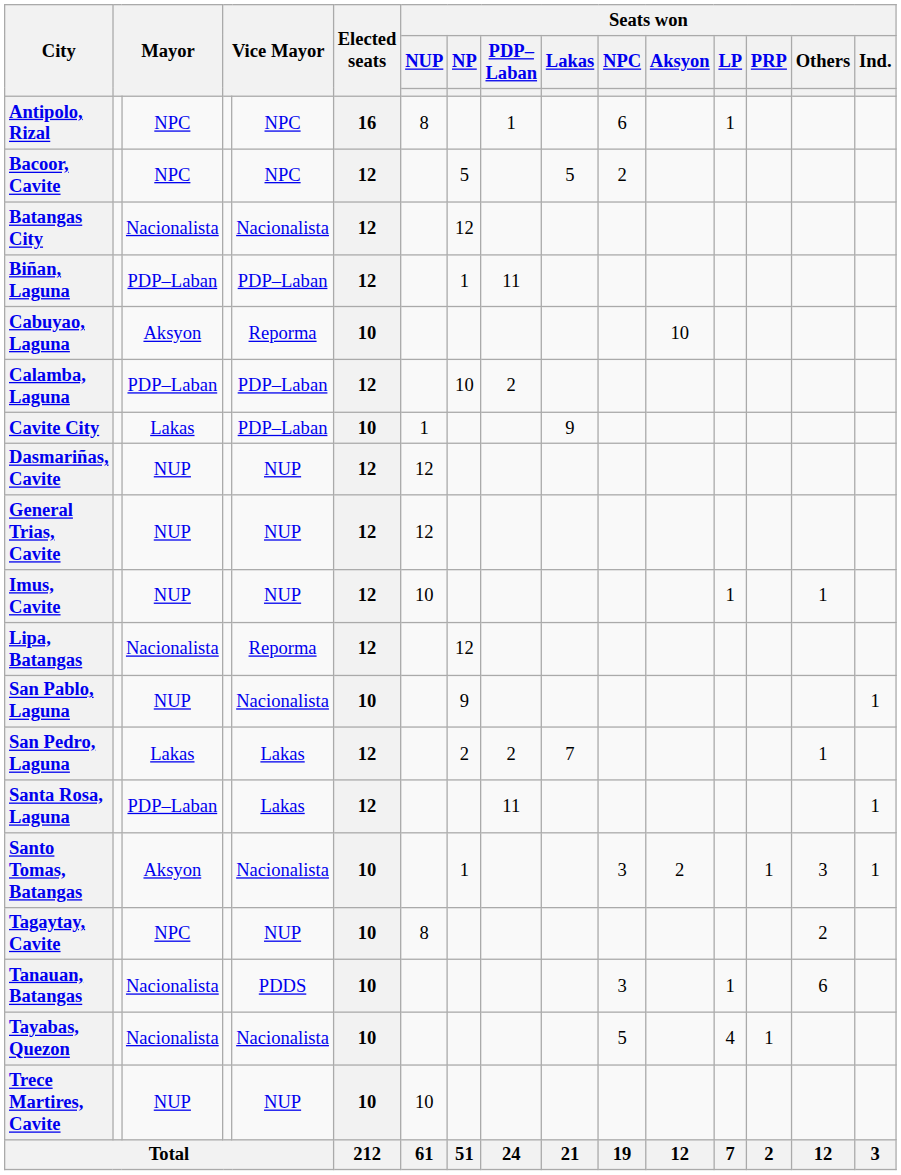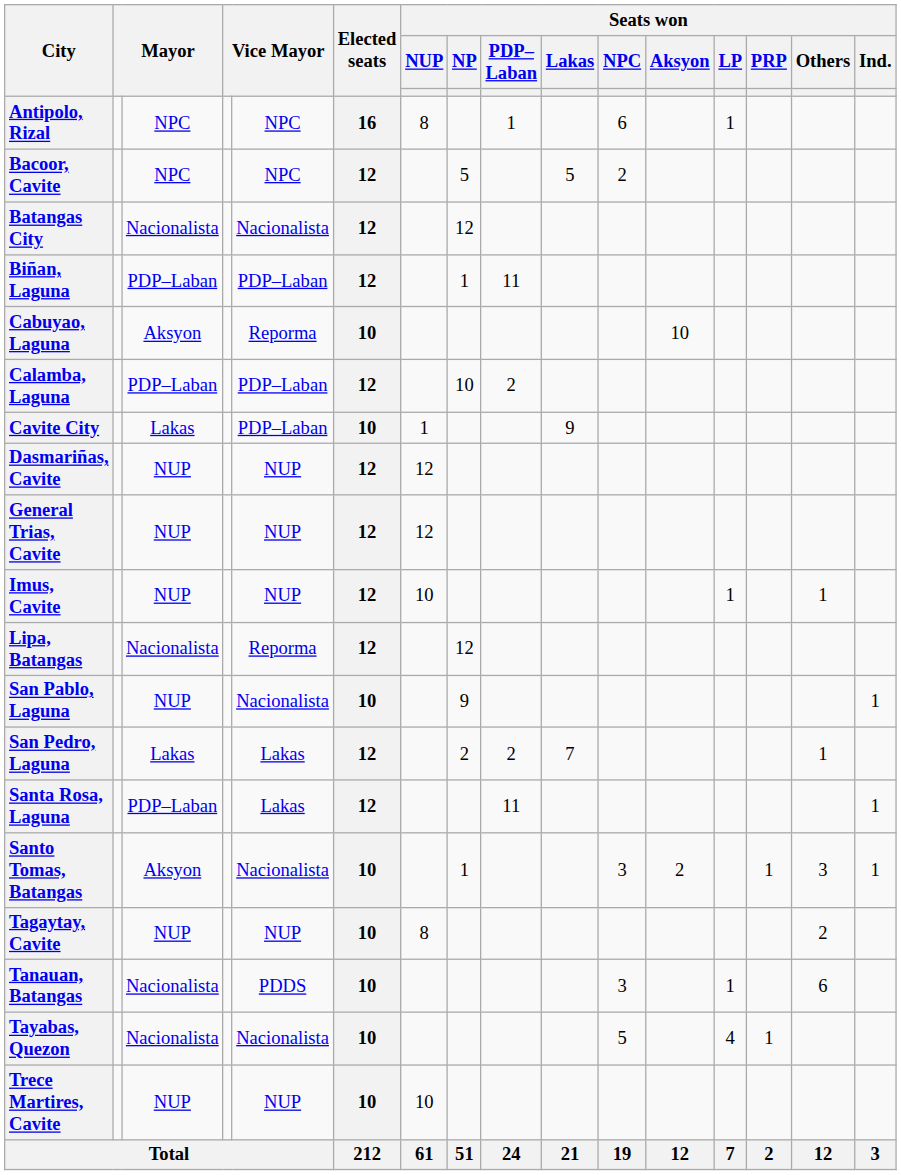 <table class="wikitable" style="text-align:center; font-size: 0.9em;">
 <tr>
 <th rowspan="3">City</th>
 <th colspan="2" rowspan="3" style="width:60px;">Mayor</th>
 <th colspan="2" rowspan="3" style="width:60px;">Vice Mayor</th>
 <th rowspan="3">Elected<br>seats</th>
 <th colspan="10">Seats won</th>
 </tr>
 <tr>
 <th class="unsortable" style="width:45px;"><a href='#'>NUP</a></th>
 <th class="unsortable" style="width:45px;"><a href='#'>NP</a></th>
 <th class="unsortable" style="width:45px;"><a href='#'>PDP–Laban</a></th>
 <th class="unsortable" style="width:45px;"><a href='#'>Lakas</a></th>
 <th class="unsortable" style="width:45px;"><a href='#'>NPC</a></th>
 <th class="unsortable" style="width:45px;"><a href='#'>Aksyon</a></th>
 <th class="unsortable" style="width:45px;"><a href='#'>LP</a></th>
 <th class="unsortable" style="width:45px;"><a href='#'>PRP</a></th>
 <th class="unsortable" style="width:45px;">Others</th>
 <th class="unsortable" style="width:45px;">Ind.</th>
 </tr>
 <tr>
 <th style="color:inherit;background:"></th>
 <th style="color:inherit;background:"></th>
 <th style="color:inherit;background:"></th>
 <th style="color:inherit;background:"></th>
 <th style="color:inherit;background:"></th>
 <th style="color:inherit;background:"></th>
 <th style="color:inherit;background:"></th>
 <th style="color:inherit;background:"></th>
 <th></th>
 <th style="color:inherit;background:"></th>
 </tr>
 <tr>
 <th style="text-align: left;"><a href='#'>Antipolo, Rizal</a></th>
 <td style="color:inherit;background:"></td>
 <td><a href='#'>NPC</a></td>
 <td style="color:inherit;background:"></td>
 <td><a href='#'>NPC</a></td>
 <th>16</th>
 <td>8</td>
 <td></td>
 <td>1</td>
 <td></td>
 <td>6</td>
 <td></td>
 <td>1</td>
 <td></td>
 <td></td>
 <td></td>
 </tr>
 <tr>
 <th style="text-align: left;"><a href='#'>Bacoor, Cavite</a></th>
 <td style="color:inherit;background:"></td>
 <td><a href='#'>NPC</a></td>
 <td style="color:inherit;background:"></td>
 <td><a href='#'>NPC</a></td>
 <th>12</th>
 <td></td>
 <td>5</td>
 <td></td>
 <td>5</td>
 <td>2</td>
 <td></td>
 <td></td>
 <td></td>
 <td></td>
 <td></td>
 </tr>
 <tr>
 <th style="text-align: left;"><a href='#'>Batangas City</a></th>
 <td style="color:inherit;background:"></td>
 <td><a href='#'>Nacionalista</a></td>
 <td style="color:inherit;background:"></td>
 <td><a href='#'>Nacionalista</a></td>
 <th>12</th>
 <td></td>
 <td>12</td>
 <td></td>
 <td></td>
 <td></td>
 <td></td>
 <td></td>
 <td></td>
 <td></td>
 <td></td>
 </tr>
 <tr>
 <th style="text-align: left;"><a href='#'>Biñan, Laguna</a></th>
 <td style="color:inherit;background:"></td>
 <td><a href='#'>PDP–Laban</a></td>
 <td style="color:inherit;background:"></td>
 <td><a href='#'>PDP–Laban</a></td>
 <th>12</th>
 <td></td>
 <td>1</td>
 <td>11</td>
 <td></td>
 <td></td>
 <td></td>
 <td></td>
 <td></td>
 <td></td>
 <td></td>
 </tr>
 <tr>
 <th style="text-align: left;"><a href='#'>Cabuyao, Laguna</a></th>
 <td style="color:inherit;background:"></td>
 <td><a href='#'>Aksyon</a></td>
 <td style="color:inherit;background:"></td>
 <td><a href='#'>Reporma</a></td>
 <th>10</th>
 <td></td>
 <td></td>
 <td></td>
 <td></td>
 <td></td>
 <td>10</td>
 <td></td>
 <td></td>
 <td></td>
 <td></td>
 </tr>
 <tr>
 <th style="text-align: left;"><a href='#'>Calamba, Laguna</a></th>
 <td style="color:inherit;background:"></td>
 <td><a href='#'>PDP–Laban</a></td>
 <td style="color:inherit;background:"></td>
 <td><a href='#'>PDP–Laban</a></td>
 <th>12</th>
 <td></td>
 <td>10</td>
 <td>2</td>
 <td></td>
 <td></td>
 <td></td>
 <td></td>
 <td></td>
 <td></td>
 <td></td>
 </tr>
 <tr>
 <th style="text-align: left;"><a href='#'>Cavite City</a></th>
 <td style="color:inherit;background:"></td>
 <td><a href='#'>Lakas</a></td>
 <td style="color:inherit;background:"></td>
 <td><a href='#'>PDP–Laban</a></td>
 <th>10</th>
 <td>1</td>
 <td></td>
 <td></td>
 <td>9</td>
 <td></td>
 <td></td>
 <td></td>
 <td></td>
 <td></td>
 <td></td>
 </tr>
 <tr>
 <th style="text-align: left;"><a href='#'>Dasmariñas, Cavite</a></th>
 <td style="color:inherit;background:"></td>
 <td><a href='#'>NUP</a></td>
 <td style="color:inherit;background:"></td>
 <td><a href='#'>NUP</a></td>
 <th>12</th>
 <td>12</td>
 <td></td>
 <td></td>
 <td></td>
 <td></td>
 <td></td>
 <td></td>
 <td></td>
 <td></td>
 <td></td>
 </tr>
 <tr>
 <th style="text-align: left;"><a href='#'>General Trias, Cavite</a></th>
 <td style="color:inherit;background:"></td>
 <td><a href='#'>NUP</a></td>
 <td style="color:inherit;background:"></td>
 <td><a href='#'>NUP</a></td>
 <th>12</th>
 <td>12</td>
 <td></td>
 <td></td>
 <td></td>
 <td></td>
 <td></td>
 <td></td>
 <td></td>
 <td></td>
 <td></td>
 </tr>
 <tr>
 <th style="text-align: left;"><a href='#'>Imus, Cavite</a></th>
 <td style="color:inherit;background:"></td>
 <td><a href='#'>NUP</a></td>
 <td style="color:inherit;background:"></td>
 <td><a href='#'>NUP</a></td>
 <th>12</th>
 <td>10</td>
 <td></td>
 <td></td>
 <td></td>
 <td></td>
 <td></td>
 <td>1</td>
 <td></td>
 <td>1</td>
 <td></td>
 </tr>
 <tr>
 <th style="text-align: left;"><a href='#'>Lipa, Batangas</a></th>
 <td style="color:inherit;background:"></td>
 <td><a href='#'>Nacionalista</a></td>
 <td style="color:inherit;background:"></td>
 <td><a href='#'>Reporma</a></td>
 <th>12</th>
 <td></td>
 <td>12</td>
 <td></td>
 <td></td>
 <td></td>
 <td></td>
 <td></td>
 <td></td>
 <td></td>
 <td></td>
 </tr>
 <tr>
 <th style="text-align: left;"><a href='#'>San Pablo, Laguna</a></th>
 <td style="color:inherit;background:"></td>
 <td><a href='#'>NUP</a></td>
 <td style="color:inherit;background:"></td>
 <td><a href='#'>Nacionalista</a></td>
 <th>10</th>
 <td></td>
 <td>9</td>
 <td></td>
 <td></td>
 <td></td>
 <td></td>
 <td></td>
 <td></td>
 <td></td>
 <td>1</td>
 </tr>
 <tr>
 <th style="text-align: left;"><a href='#'>San Pedro, Laguna</a></th>
 <td style="color:inherit;background:"></td>
 <td><a href='#'>Lakas</a></td>
 <td style="color:inherit;background:"></td>
 <td><a href='#'>Lakas</a></td>
 <th>12</th>
 <td></td>
 <td>2</td>
 <td>2</td>
 <td>7</td>
 <td></td>
 <td></td>
 <td></td>
 <td></td>
 <td>1</td>
 <td></td>
 </tr>
 <tr>
 <th style="text-align: left;"><a href='#'>Santa Rosa, Laguna</a></th>
 <td style="color:inherit;background:"></td>
 <td><a href='#'>PDP–Laban</a></td>
 <td style="color:inherit;background:"></td>
 <td><a href='#'>Lakas</a></td>
 <th>12</th>
 <td></td>
 <td></td>
 <td>11</td>
 <td></td>
 <td></td>
 <td></td>
 <td></td>
 <td></td>
 <td></td>
 <td>1</td>
 </tr>
 <tr>
 <th style="text-align: left;"><a href='#'>Santo Tomas, Batangas</a></th>
 <td style="color:inherit;background:"></td>
 <td><a href='#'>Aksyon</a></td>
 <td style="color:inherit;background:"></td>
 <td><a href='#'>Nacionalista</a></td>
 <th>10</th>
 <td></td>
 <td>1</td>
 <td></td>
 <td></td>
 <td>3</td>
 <td>2</td>
 <td></td>
 <td>1</td>
 <td>3<em></em></td>
 <td>1</td>
 </tr>
 <tr>
 <th style="text-align: left;"><a href='#'>Tagaytay, Cavite</a></th>
 <td style="color:inherit;background:"></td>
-<td><a href='#'>NPC</a></td>
+<td><a href='#'>NUP</a></td>
 <td style="color:inherit;background:"></td>
 <td><a href='#'>NUP</a></td>
 <th>10</th>
 <td>8</td>
 <td></td>
 <td></td>
 <td></td>
 <td></td>
 <td></td>
 <td></td>
 <td></td>
 <td>2</td>
 <td></td>
 </tr>
 <tr>
 <th style="text-align: left;"><a href='#'>Tanauan, Batangas</a></th>
 <td style="color:inherit;background:"></td>
 <td><a href='#'>Nacionalista</a></td>
 <td style="color:inherit;background:"></td>
 <td><a href='#'>PDDS</a></td>
 <th>10</th>
 <td></td>
 <td></td>
 <td></td>
 <td></td>
 <td>3</td>
 <td></td>
 <td>1</td>
 <td></td>
 <td>6</td>
 <td></td>
 </tr>
 <tr>
 <th style="text-align: left;"><a href='#'>Tayabas, Quezon</a></th>
 <td style="color:inherit;background:"></td>
 <td><a href='#'>Nacionalista</a></td>
 <td style="color:inherit;background:"></td>
 <td><a href='#'>Nacionalista</a></td>
 <th>10</th>
 <td></td>
 <td></td>
 <td></td>
 <td></td>
 <td>5</td>
 <td></td>
 <td>4</td>
 <td>1</td>
 <td></td>
 <td></td>
 </tr>
 <tr>
 <th style="text-align: left;"><a href='#'>Trece Martires, Cavite</a></th>
 <td style="color:inherit;background:"></td>
 <td><a href='#'>NUP</a></td>
 <td style="color:inherit;background:"></td>
 <td><a href='#'>NUP</a></td>
 <th>10</th>
 <td>10</td>
 <td></td>
 <td></td>
 <td></td>
 <td></td>
 <td></td>
 <td></td>
 <td></td>
 <td></td>
 <td></td>
 </tr>
 <tr>
 <th colspan="5">Total</th>
 <th>212</th>
 <th>61</th>
 <th>51</th>
 <th>24</th>
 <th>21</th>
 <th>19</th>
 <th>12</th>
 <th>7</th>
 <th>2</th>
 <th>12</th>
 <th>3</th>
 </tr>
 </table>
